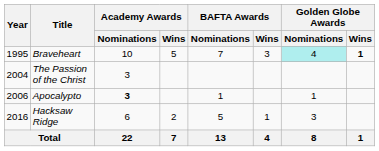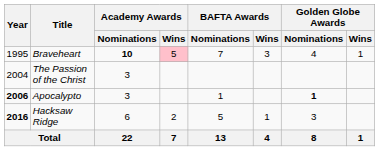 <table class="wikitable">
 <tr>
 <th rowspan="2">Year</th>
 <th rowspan="2">Title</th>
 <th colspan="2" width=160 style="text-align:center;">Academy Awards</th>
 <th colspan="2" width=160 style="text-align:center;">BAFTA Awards</th>
 <th colspan="2" width=160 style="text-align:center;">Golden Globe Awards</th>
 </tr>
 <tr>
 <th>Nominations</th>
 <th>Wins</th>
 <th>Nominations</th>
 <th>Wins</th>
 <th>Nominations</th>
 <th>Wins</th>
 </tr>
 <tr>
 <td>1995</td>
 <td><em>Braveheart</em></td>
-<td align=center>10</td>
-<td align=center>5</td>
+<td align=center><strong>10</strong></td>
+<td align=center style="background: pink;">5</td>
 <td align=center>7</td>
 <td align=center>3</td>
-<td align=center style="background: paleturquoise;">4</td>
-<td align=center><strong>1</strong></td>
+<td align=center>4</td>
+<td align=center>1</td>
 </tr>
 <tr>
 <td>2004</td>
 <td><em>The Passion of the Christ</em></td>
 <td align=center>3</td>
 <td></td>
 <td></td>
 <td></td>
 <td></td>
 <td></td>
 </tr>
 <tr>
-<td>2006</td>
+<td><strong>2006</strong></td>
 <td><em>Apocalypto</em></td>
-<td align=center><strong>3</strong></td>
+<td align=center>3</td>
 <td></td>
 <td align=center>1</td>
 <td></td>
-<td align=center>1</td>
+<td align=center><strong>1</strong></td>
 <td></td>
 </tr>
 <tr>
-<td>2016</td>
+<td><strong>2016</strong></td>
 <td><em>Hacksaw Ridge</em></td>
 <td align=center>6</td>
 <td align=center>2</td>
 <td align=center>5</td>
 <td align=center>1</td>
 <td align=center>3</td>
 <td></td>
 </tr>
 <tr>
 <th colspan="2">Total</th>
 <th align=center>22</th>
 <th align=center>7</th>
 <th align=center>13</th>
 <th align=center>4</th>
 <th align=center>8</th>
 <th align=center>1</th>
 </tr>
 </table>
